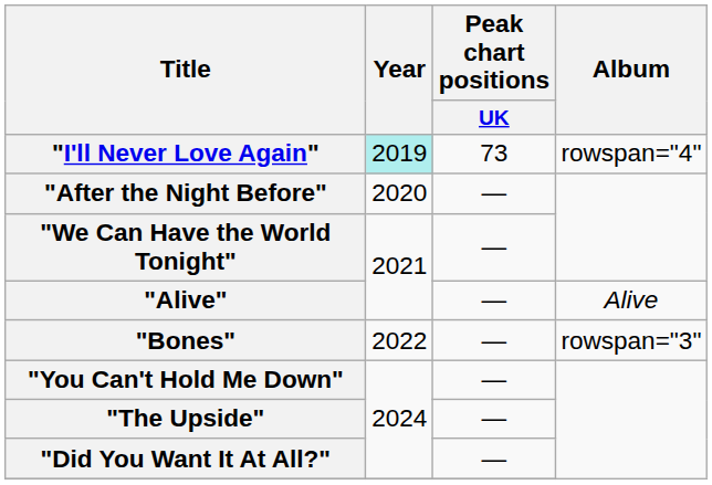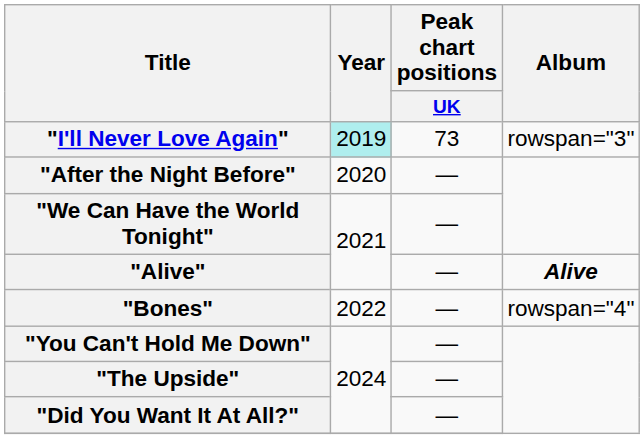 <table class="wikitable plainrowheaders" style="text-align:center;" border="1">
 <tr>
 <th scope="col" rowspan="2" style="width:14em;">Title</th>
 <th scope="col" rowspan="2" style="width:1em;">Year</th>
 <th scope="col">Peak chart positions</th>
 <th scope="col" rowspan="2">Album</th>
 </tr>
 <tr>
 <th scope="col" style="width:4em;font-size:85%;"><a href='#'>UK</a><br></th>
 </tr>
 <tr>
 <th scope="row">"<a href='#'>I'll Never Love Again</a>"</th>
 <td style="background: paleturquoise;">2019</td>
 <td>73</td>
-<td>rowspan="4" </td>
+<td>rowspan="3" </td>
 </tr>
 <tr>
 <th scope="row">"After the Night Before"</th>
 <td>2020</td>
 <td>—</td>
 </tr>
 <tr>
 <th scope="row">"We Can Have the World Tonight"</th>
 <td rowspan="2">2021</td>
 <td>—</td>
 </tr>
 <tr>
 <th scope="row">"Alive"</th>
 <td>—</td>
-<td><em>Alive</em></td>
+<td><strong><em>Alive</em></strong></td>
 </tr>
 <tr>
 <th scope="row">"Bones"</th>
 <td>2022</td>
 <td>—</td>
-<td>rowspan="3" </td>
+<td>rowspan="4" </td>
 </tr>
 <tr>
 <th scope="row">"You Can't Hold Me Down"</th>
 <td rowspan="3">2024</td>
 <td>—</td>
 </tr>
 <tr>
 <th scope="row">"The Upside"</th>
 <td>—</td>
 </tr>
 <tr>
 <th scope="row">"Did You Want It At All?"</th>
 <td>—</td>
 </tr>
 <tr>
 </tr>
 </table>
